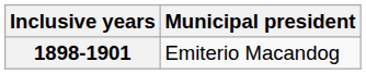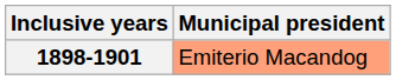 <table class="wikitable collapsible autocollapse" style="font-size:95%">
 <tr>
 <th scope="col">Inclusive years</th>
 <th scope="col">Municipal president</th>
 </tr>
 <tr>
 <th scope="row">1898-1901</th>
-<td>Emiterio Macandog </td>
+<td style="background: lightsalmon;">Emiterio Macandog </td>
 </tr>
 </table>
